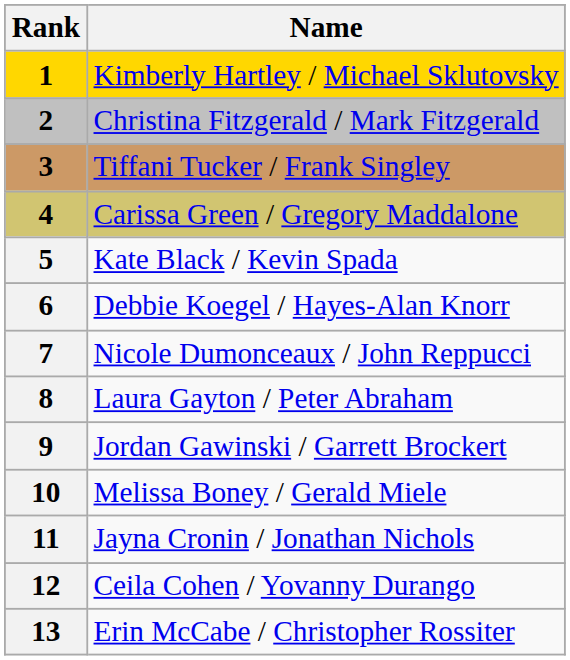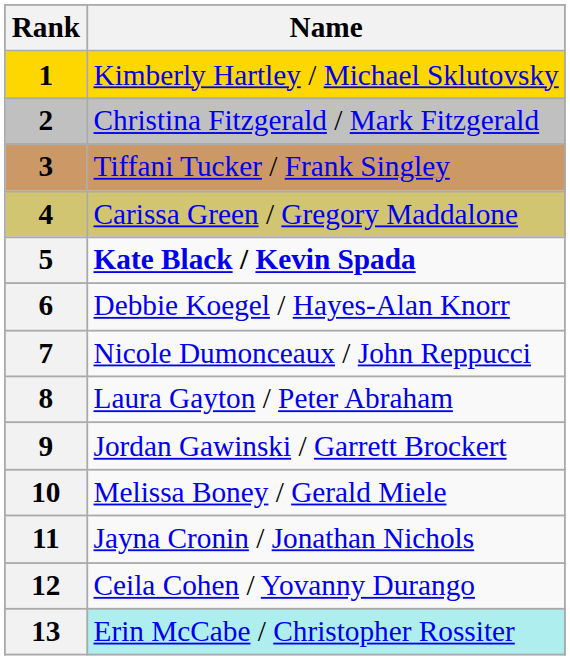 <table class="wikitable">
 <tr>
 <th>Rank</th>
 <th>Name</th>
 </tr>
 <tr bgcolor="gold">
 <td align="center"><strong>1</strong></td>
 <td><a href='#'>Kimberly Hartley</a> / <a href='#'>Michael Sklutovsky</a></td>
 </tr>
 <tr bgcolor="silver">
 <td align="center"><strong>2</strong></td>
 <td><a href='#'>Christina Fitzgerald</a> / <a href='#'> Mark Fitzgerald</a></td>
 </tr>
 <tr bgcolor="cc9966">
 <td align="center"><strong>3</strong></td>
 <td><a href='#'>Tiffani Tucker</a> / <a href='#'>Frank Singley</a></td>
 </tr>
 <tr bgcolor="#d1c571">
 <td align="center"><strong>4</strong></td>
 <td><a href='#'>Carissa Green</a> / <a href='#'>Gregory Maddalone</a></td>
 </tr>
 <tr>
 <th>5</th>
-<td><a href='#'> Kate Black</a> / <a href='#'>Kevin Spada</a></td>
+<td><strong><a href='#'> Kate Black</a> / <a href='#'>Kevin Spada</a></strong></td>
 </tr>
 <tr>
 <th>6</th>
 <td><a href='#'>Debbie Koegel</a> / <a href='#'>Hayes-Alan Knorr</a></td>
 </tr>
 <tr>
 <th>7</th>
 <td><a href='#'>Nicole Dumonceaux</a> / <a href='#'>John Reppucci</a></td>
 </tr>
 <tr>
 <th>8</th>
 <td><a href='#'>Laura Gayton</a> / <a href='#'>Peter Abraham</a></td>
 </tr>
 <tr>
 <th>9</th>
 <td><a href='#'>Jordan Gawinski</a> / <a href='#'>Garrett Brockert</a></td>
 </tr>
 <tr>
 <th>10</th>
 <td><a href='#'>Melissa Boney</a> / <a href='#'>Gerald Miele</a></td>
 </tr>
 <tr>
 <th>11</th>
 <td><a href='#'>Jayna Cronin</a> / <a href='#'> Jonathan Nichols</a></td>
 </tr>
 <tr>
 <th>12</th>
 <td><a href='#'>Ceila Cohen</a> / <a href='#'>Yovanny Durango</a></td>
 </tr>
 <tr>
 <th>13</th>
-<td><a href='#'>Erin McCabe</a> / <a href='#'>Christopher Rossiter</a></td>
+<td style="background: paleturquoise;"><a href='#'>Erin McCabe</a> / <a href='#'>Christopher Rossiter</a></td>
 </tr>
 </table>
